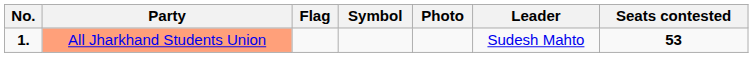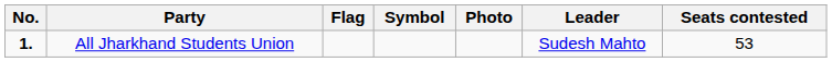 <table class="wikitable" style="width:50%;">
 <tr>
 <th>No.</th>
 <th>Party</th>
 <th>Flag</th>
 <th>Symbol</th>
 <th>Photo</th>
 <th>Leader</th>
 <th>Seats contested</th>
 </tr>
 <tr>
 <td ! style="text-align:center; background:"><strong>1.</strong></td>
-<td ! style="background: lightsalmon; text-align:center"><a href='#'>All Jharkhand Students Union</a></td>
+<td ! style="text-align:center"><a href='#'>All Jharkhand Students Union</a></td>
 <td></td>
 <td></td>
 <td></td>
 <td style="text-align:center"><a href='#'>Sudesh Mahto</a></td>
-<td style="text-align:center"><strong>53</strong></td>
+<td style="text-align:center">53</td>
 </tr>
 </table>
